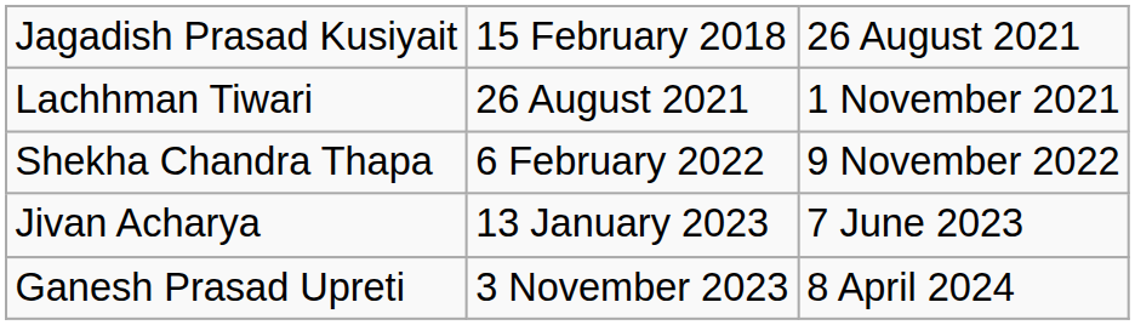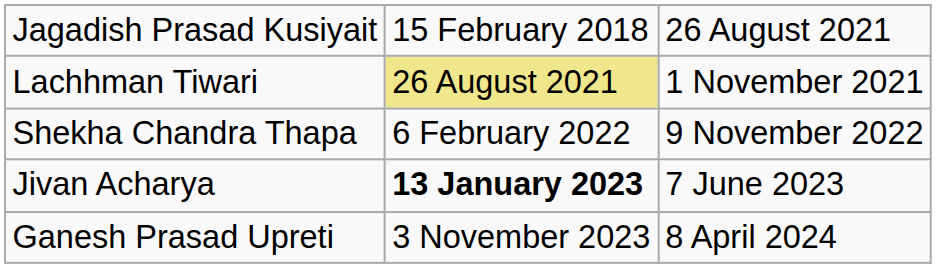 <table class=wikitable>
 <tr>
 <td>Jagadish Prasad Kusiyait</td>
 <td>15 February 2018</td>
 <td>26 August 2021</td>
 </tr>
 <tr>
 <td>Lachhman Tiwari</td>
-<td>26 August 2021</td>
+<td style="background: khaki;">26 August 2021</td>
 <td>1 November 2021</td>
 </tr>
 <tr>
 <td>Shekha Chandra Thapa</td>
 <td>6 February 2022</td>
 <td>9 November 2022</td>
 </tr>
 <tr>
 <td>Jivan Acharya</td>
-<td>13 January 2023</td>
+<td><strong>13 January 2023</strong></td>
 <td>7 June 2023</td>
 </tr>
 <tr>
 <td>Ganesh Prasad Upreti</td>
 <td>3 November 2023</td>
 <td>8 April 2024</td>
 </tr>
 </table>
